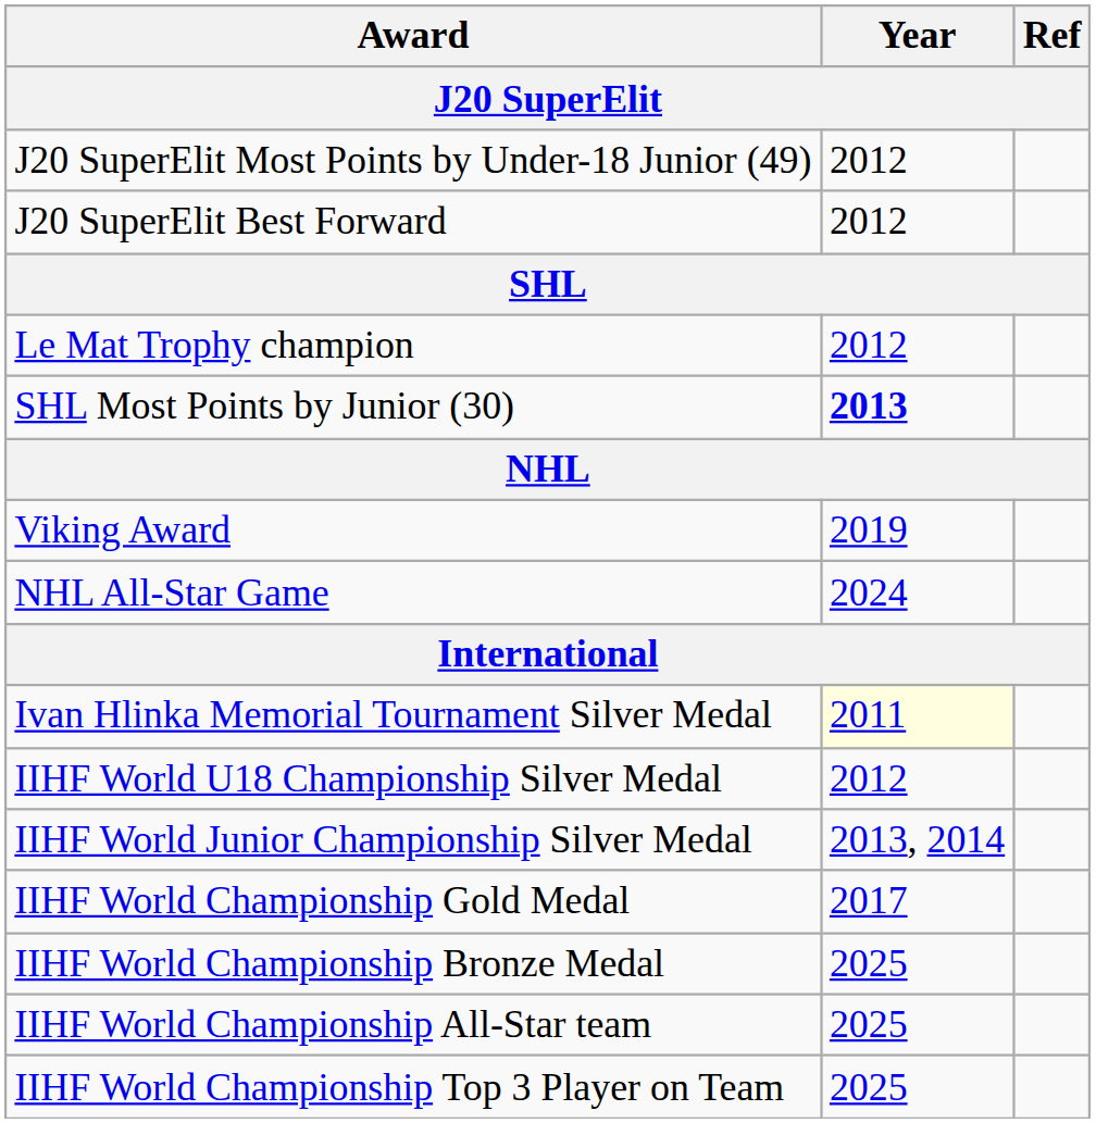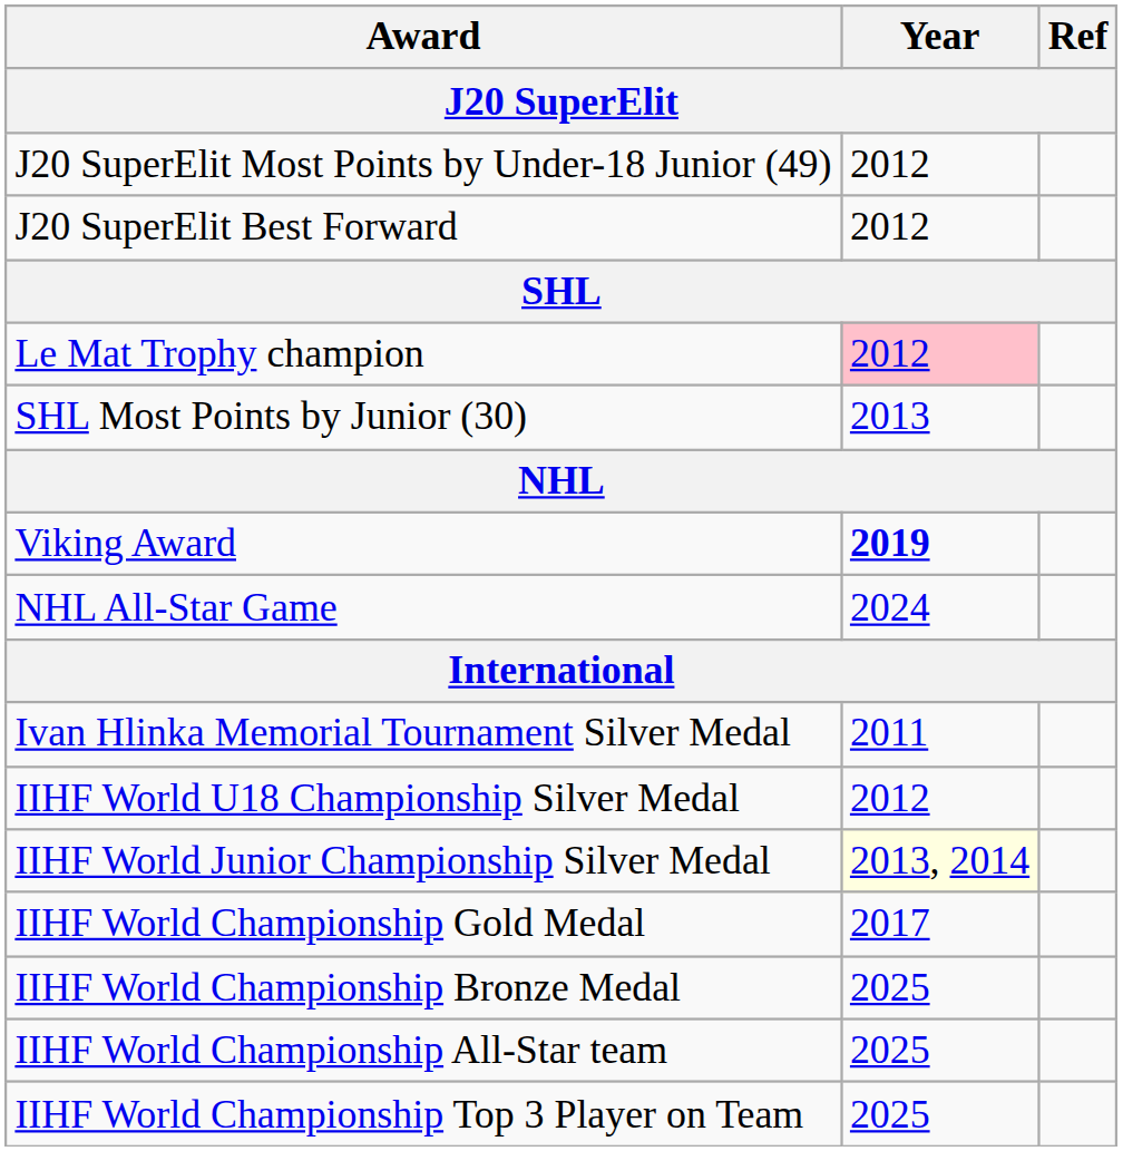 <table class="wikitable">
 <tr>
 <th>Award</th>
 <th>Year</th>
 <th>Ref</th>
 </tr>
 <tr>
 <th colspan="3"><a href='#'>J20 SuperElit</a></th>
 </tr>
 <tr>
 <td>J20 SuperElit Most Points by Under-18 Junior (49)</td>
 <td>2012</td>
 <td></td>
 </tr>
 <tr>
 <td>J20 SuperElit Best Forward</td>
 <td>2012</td>
 <td></td>
 </tr>
 <tr>
 <th colspan="3"><a href='#'>SHL</a></th>
 </tr>
 <tr>
 <td><a href='#'>Le Mat Trophy</a> champion</td>
-<td><a href='#'>2012</a></td>
+<td style="background: pink;"><a href='#'>2012</a></td>
 <td></td>
 </tr>
 <tr>
 <td><a href='#'>SHL</a> Most Points by Junior (30)</td>
-<td><strong><a href='#'>2013</a></strong></td>
+<td><a href='#'>2013</a></td>
 <td></td>
 </tr>
 <tr>
 <th colspan="3"><a href='#'>NHL</a></th>
 </tr>
 <tr>
 <td><a href='#'>Viking Award</a></td>
-<td><a href='#'>2019</a></td>
+<td><strong><a href='#'>2019</a></strong></td>
 <td></td>
 </tr>
 <tr>
 <td><a href='#'>NHL All-Star Game</a></td>
 <td><a href='#'>2024</a></td>
 <td></td>
 </tr>
 <tr>
 <th colspan="3"><a href='#'>International</a></th>
 </tr>
 <tr>
 <td><a href='#'>Ivan Hlinka Memorial Tournament</a> Silver Medal</td>
-<td style="background: lightyellow;"><a href='#'>2011</a></td>
+<td><a href='#'>2011</a></td>
 <td></td>
 </tr>
 <tr>
 <td><a href='#'>IIHF World U18 Championship</a> Silver Medal</td>
 <td><a href='#'>2012</a></td>
 <td></td>
 </tr>
 <tr>
 <td><a href='#'>IIHF World Junior Championship</a> Silver Medal</td>
-<td><a href='#'>2013</a>, <a href='#'>2014</a></td>
+<td style="background: lightyellow;"><a href='#'>2013</a>, <a href='#'>2014</a></td>
 <td></td>
 </tr>
 <tr>
 <td><a href='#'>IIHF World Championship</a> Gold Medal</td>
 <td><a href='#'>2017</a></td>
 <td></td>
 </tr>
 <tr>
 <td><a href='#'>IIHF World Championship</a> Bronze Medal</td>
 <td><a href='#'>2025</a></td>
 <td></td>
 </tr>
 <tr>
 <td><a href='#'>IIHF World Championship</a> All-Star team</td>
 <td><a href='#'>2025</a></td>
 <td></td>
 </tr>
 <tr>
 <td><a href='#'>IIHF World Championship</a> Top 3 Player on Team</td>
 <td><a href='#'>2025</a></td>
 <td></td>
 </tr>
 </table>
